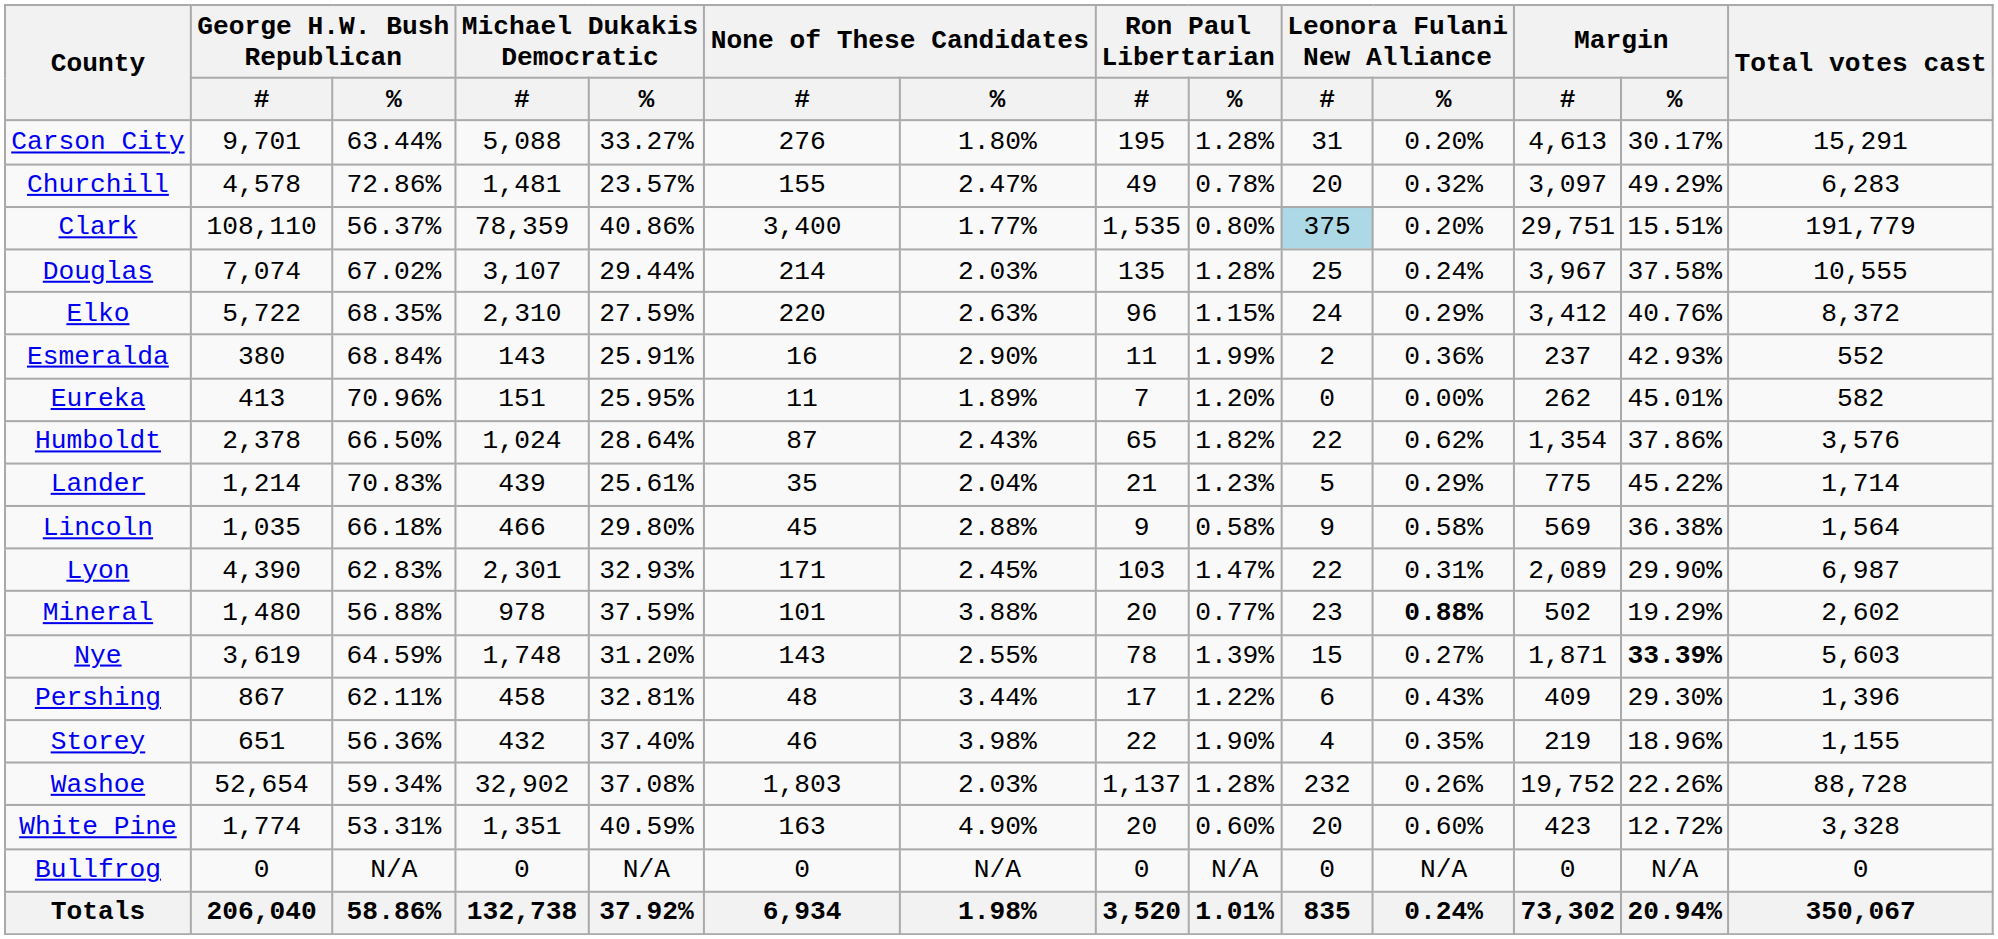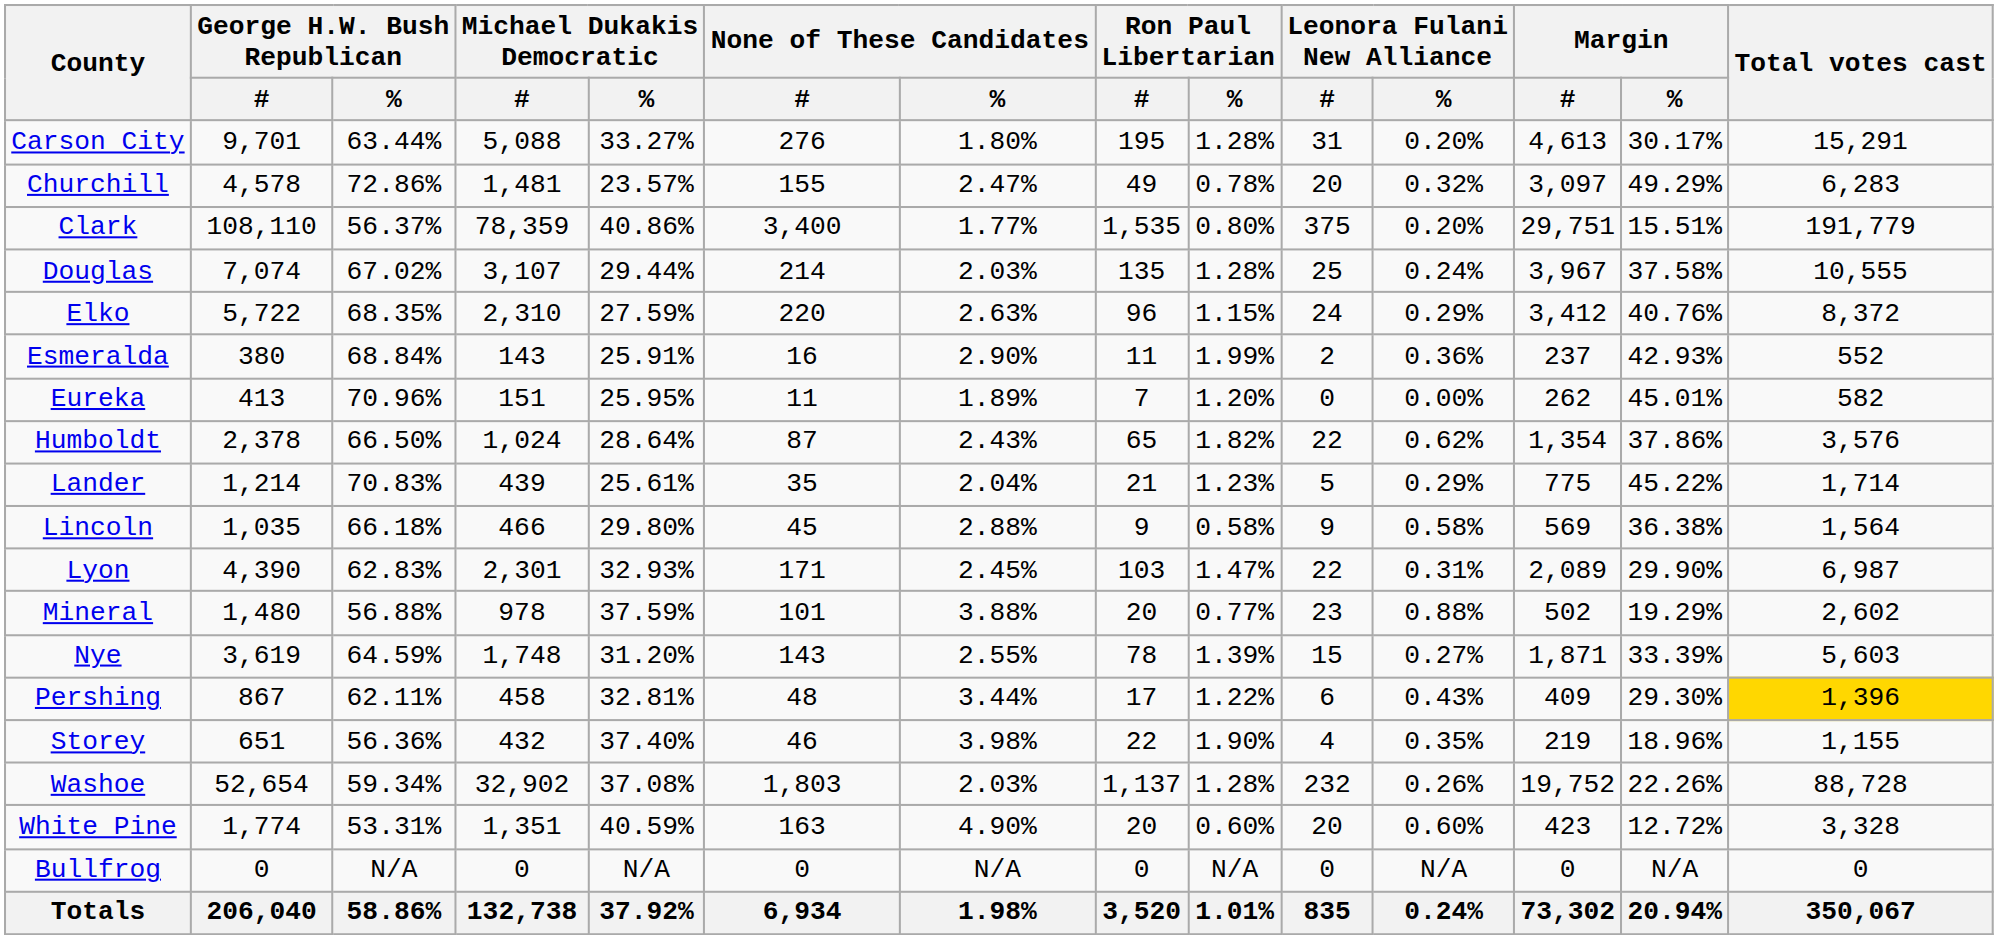 <table class="wikitable sortable" style="text-align:center">
 <tr>
 <th style="text-align:center;" rowspan="2">County</th>
 <th style="text-align:center;" colspan="2">George H.W. Bush<br>Republican</th>
 <th style="text-align:center;" colspan="2">Michael Dukakis<br>Democratic</th>
 <th style="text-align:center;" colspan="2">None of These Candidates<br></th>
 <th style="text-align:center;" colspan="2">Ron Paul<br>Libertarian</th>
 <th style="text-align:center;" colspan="2">Leonora Fulani<br>New Alliance</th>
 <th style="text-align:center;" colspan="2">Margin</th>
 <th colspan="1" rowspan="2" style="text-align:center;">Total votes cast</th>
 </tr>
 <tr>
 <th style="text-align:center;" data-sort-type="number">#</th>
 <th style="text-align:center;" data-sort-type="number">%</th>
 <th style="text-align:center;" data-sort-type="number">#</th>
 <th style="text-align:center;" data-sort-type="number">%</th>
 <th style="text-align:center;" data-sort-type="number">#</th>
 <th style="text-align:center;" data-sort-type="number">%</th>
 <th style="text-align:center;" data-sort-type="number">#</th>
 <th style="text-align:center;" data-sort-type="number">%</th>
 <th style="text-align:center;" data-sort-type="number">#</th>
 <th style="text-align:center;" data-sort-type="number">%</th>
 <th style="text-align:center;" data-sort-type="number">#</th>
 <th style="text-align:center;" data-sort-type="number">%</th>
 </tr>
 <tr style="text-align:center;">
 <td><a href='#'>Carson City</a></td>
 <td>9,701</td>
 <td>63.44%</td>
 <td>5,088</td>
 <td>33.27%</td>
 <td>276</td>
 <td>1.80%</td>
 <td>195</td>
 <td>1.28%</td>
 <td>31</td>
 <td>0.20%</td>
 <td>4,613</td>
 <td>30.17%</td>
 <td>15,291</td>
 </tr>
 <tr style="text-align:center;">
 <td><a href='#'>Churchill</a></td>
 <td>4,578</td>
 <td>72.86%</td>
 <td>1,481</td>
 <td>23.57%</td>
 <td>155</td>
 <td>2.47%</td>
 <td>49</td>
 <td>0.78%</td>
 <td>20</td>
 <td>0.32%</td>
 <td>3,097</td>
 <td>49.29%</td>
 <td>6,283</td>
 </tr>
 <tr style="text-align:center;">
 <td><a href='#'>Clark</a></td>
 <td>108,110</td>
 <td>56.37%</td>
 <td>78,359</td>
 <td>40.86%</td>
 <td>3,400</td>
 <td>1.77%</td>
 <td>1,535</td>
 <td>0.80%</td>
-<td style="background: lightblue;">375</td>
+<td>375</td>
 <td>0.20%</td>
 <td>29,751</td>
 <td>15.51%</td>
 <td>191,779</td>
 </tr>
 <tr style="text-align:center;">
 <td><a href='#'>Douglas</a></td>
 <td>7,074</td>
 <td>67.02%</td>
 <td>3,107</td>
 <td>29.44%</td>
 <td>214</td>
 <td>2.03%</td>
 <td>135</td>
 <td>1.28%</td>
 <td>25</td>
 <td>0.24%</td>
 <td>3,967</td>
 <td>37.58%</td>
 <td>10,555</td>
 </tr>
 <tr style="text-align:center;">
 <td><a href='#'>Elko</a></td>
 <td>5,722</td>
 <td>68.35%</td>
 <td>2,310</td>
 <td>27.59%</td>
 <td>220</td>
 <td>2.63%</td>
 <td>96</td>
 <td>1.15%</td>
 <td>24</td>
 <td>0.29%</td>
 <td>3,412</td>
 <td>40.76%</td>
 <td>8,372</td>
 </tr>
 <tr style="text-align:center;">
 <td><a href='#'>Esmeralda</a></td>
 <td>380</td>
 <td>68.84%</td>
 <td>143</td>
 <td>25.91%</td>
 <td>16</td>
 <td>2.90%</td>
 <td>11</td>
 <td>1.99%</td>
 <td>2</td>
 <td>0.36%</td>
 <td>237</td>
 <td>42.93%</td>
 <td>552</td>
 </tr>
 <tr style="text-align:center;">
 <td><a href='#'>Eureka</a></td>
 <td>413</td>
 <td>70.96%</td>
 <td>151</td>
 <td>25.95%</td>
 <td>11</td>
 <td>1.89%</td>
 <td>7</td>
 <td>1.20%</td>
 <td>0</td>
 <td>0.00%</td>
 <td>262</td>
 <td>45.01%</td>
 <td>582</td>
 </tr>
 <tr style="text-align:center;">
 <td><a href='#'>Humboldt</a></td>
 <td>2,378</td>
 <td>66.50%</td>
 <td>1,024</td>
 <td>28.64%</td>
 <td>87</td>
 <td>2.43%</td>
 <td>65</td>
 <td>1.82%</td>
 <td>22</td>
 <td>0.62%</td>
 <td>1,354</td>
 <td>37.86%</td>
 <td>3,576</td>
 </tr>
 <tr style="text-align:center;">
 <td><a href='#'>Lander</a></td>
 <td>1,214</td>
 <td>70.83%</td>
 <td>439</td>
 <td>25.61%</td>
 <td>35</td>
 <td>2.04%</td>
 <td>21</td>
 <td>1.23%</td>
 <td>5</td>
 <td>0.29%</td>
 <td>775</td>
 <td>45.22%</td>
 <td>1,714</td>
 </tr>
 <tr style="text-align:center;">
 <td><a href='#'>Lincoln</a></td>
 <td>1,035</td>
 <td>66.18%</td>
 <td>466</td>
 <td>29.80%</td>
 <td>45</td>
 <td>2.88%</td>
 <td>9</td>
 <td>0.58%</td>
 <td>9</td>
 <td>0.58%</td>
 <td>569</td>
 <td>36.38%</td>
 <td>1,564</td>
 </tr>
 <tr style="text-align:center;">
 <td><a href='#'>Lyon</a></td>
 <td>4,390</td>
 <td>62.83%</td>
 <td>2,301</td>
 <td>32.93%</td>
 <td>171</td>
 <td>2.45%</td>
 <td>103</td>
 <td>1.47%</td>
 <td>22</td>
 <td>0.31%</td>
 <td>2,089</td>
 <td>29.90%</td>
 <td>6,987</td>
 </tr>
 <tr style="text-align:center;">
 <td><a href='#'>Mineral</a></td>
 <td>1,480</td>
 <td>56.88%</td>
 <td>978</td>
 <td>37.59%</td>
 <td>101</td>
 <td>3.88%</td>
 <td>20</td>
 <td>0.77%</td>
 <td>23</td>
-<td><strong>0.88%</strong></td>
+<td>0.88%</td>
 <td>502</td>
 <td>19.29%</td>
 <td>2,602</td>
 </tr>
 <tr style="text-align:center;">
 <td><a href='#'>Nye</a></td>
 <td>3,619</td>
 <td>64.59%</td>
 <td>1,748</td>
 <td>31.20%</td>
 <td>143</td>
 <td>2.55%</td>
 <td>78</td>
 <td>1.39%</td>
 <td>15</td>
 <td>0.27%</td>
 <td>1,871</td>
-<td><strong>33.39%</strong></td>
+<td>33.39%</td>
 <td>5,603</td>
 </tr>
 <tr style="text-align:center;">
 <td><a href='#'>Pershing</a></td>
 <td>867</td>
 <td>62.11%</td>
 <td>458</td>
 <td>32.81%</td>
 <td>48</td>
 <td>3.44%</td>
 <td>17</td>
 <td>1.22%</td>
 <td>6</td>
 <td>0.43%</td>
 <td>409</td>
 <td>29.30%</td>
-<td>1,396</td>
+<td style="background: gold;">1,396</td>
 </tr>
 <tr style="text-align:center;">
 <td><a href='#'>Storey</a></td>
 <td>651</td>
 <td>56.36%</td>
 <td>432</td>
 <td>37.40%</td>
 <td>46</td>
 <td>3.98%</td>
 <td>22</td>
 <td>1.90%</td>
 <td>4</td>
 <td>0.35%</td>
 <td>219</td>
 <td>18.96%</td>
 <td>1,155</td>
 </tr>
 <tr style="text-align:center;">
 <td><a href='#'>Washoe</a></td>
 <td>52,654</td>
 <td>59.34%</td>
 <td>32,902</td>
 <td>37.08%</td>
 <td>1,803</td>
 <td>2.03%</td>
 <td>1,137</td>
 <td>1.28%</td>
 <td>232</td>
 <td>0.26%</td>
 <td>19,752</td>
 <td>22.26%</td>
 <td>88,728</td>
 </tr>
 <tr style="text-align:center;">
 <td><a href='#'>White Pine</a></td>
 <td>1,774</td>
 <td>53.31%</td>
 <td>1,351</td>
 <td>40.59%</td>
 <td>163</td>
 <td>4.90%</td>
 <td>20</td>
 <td>0.60%</td>
 <td>20</td>
 <td>0.60%</td>
 <td>423</td>
 <td>12.72%</td>
 <td>3,328</td>
 </tr>
 <tr style="text-align:center;">
 <td><a href='#'>Bullfrog</a></td>
 <td>0</td>
 <td>N/A</td>
 <td>0</td>
 <td>N/A</td>
 <td>0</td>
 <td>N/A</td>
 <td>0</td>
 <td>N/A</td>
 <td>0</td>
 <td>N/A</td>
 <td>0</td>
 <td>N/A</td>
 <td>0</td>
 </tr>
 <tr style="text-align:center;">
 <th>Totals</th>
 <th>206,040</th>
 <th>58.86%</th>
 <th>132,738</th>
 <th>37.92%</th>
 <th>6,934</th>
 <th>1.98%</th>
 <th>3,520</th>
 <th>1.01%</th>
 <th>835</th>
 <th>0.24%</th>
 <th>73,302</th>
 <th>20.94%</th>
 <th>350,067</th>
 </tr>
 </table>
